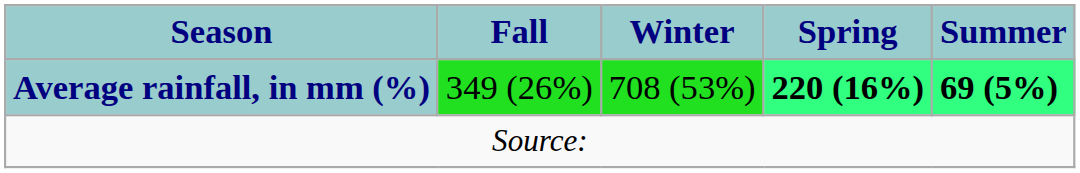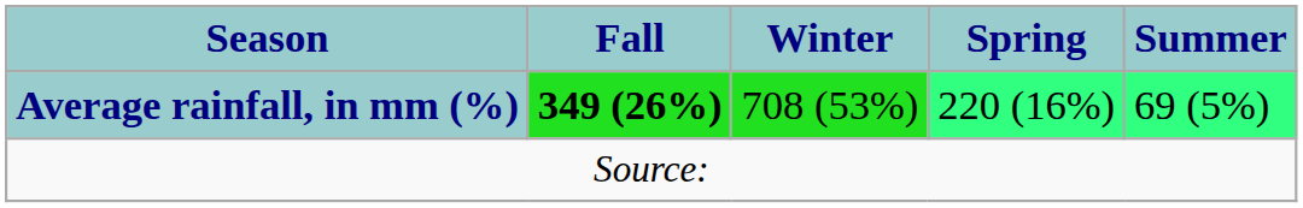 <table class="wikitable">
 <tr>
 <th style="background: #99CCCC; color: #000080" height="17">Season</th>
 <th style="background: #99CCCC; color:#000080;">Fall</th>
 <th style="background: #99CCCC; color:#000080;">Winter</th>
 <th style="background: #99CCCC; color:#000080;">Spring</th>
 <th style="background: #99CCCC; color:#000080;">Summer</th>
 </tr>
 <tr>
 <th style="background: #99CCCC; color:#000080;">Average rainfall, in mm (%)</th>
-<td style="background: #20E020;">349  (26%)</td>
+<td style="background: #20E020;"><strong>349  (26%)</strong></td>
 <td style="background: #20E020;">708  (53%)</td>
-<td style="background: #30FF80;"><strong>220  (16%)</strong></td>
-<td style="background: #30FF80;"><strong>69  (5%)</strong></td>
+<td style="background: #30FF80;">220  (16%)</td>
+<td style="background: #30FF80;">69  (5%)</td>
 </tr>
 <tr>
 <td colspan="14" style="text-align:center;font-size:90%;"><em>Source: </em></td>
 </tr>
 </table>
